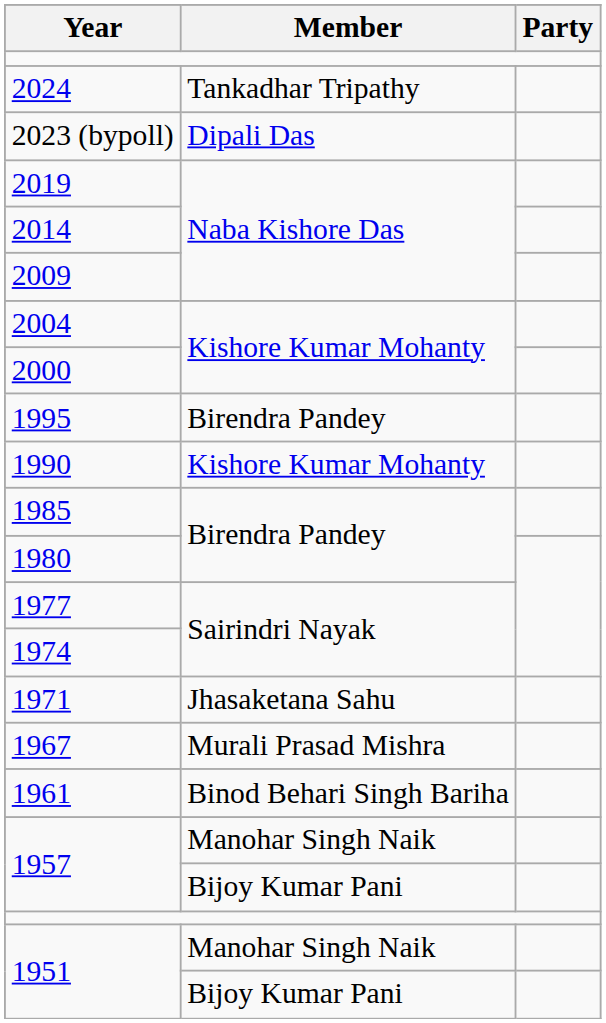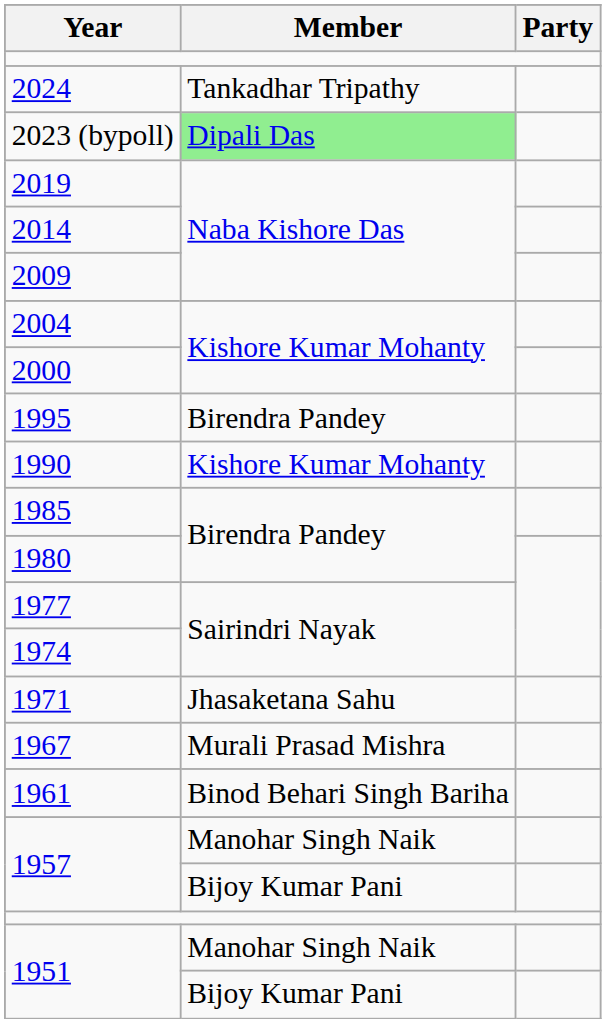 <table class="wikitable sortable">
 <tr>
 <th>Year</th>
 <th>Member</th>
 <th colspan="2">Party</th>
 </tr>
 <tr>
 <td colspan="4"></td>
 </tr>
 <tr>
 <td><a href='#'>2024</a></td>
 <td>Tankadhar Tripathy</td>
 <td></td>
 </tr>
 <tr>
 <td>2023 (bypoll)</td>
-<td><a href='#'>Dipali Das</a></td>
+<td style="background: lightgreen;"><a href='#'>Dipali Das</a></td>
 <td></td>
 </tr>
 <tr>
 <td><a href='#'>2019</a></td>
 <td rowspan=3><a href='#'>Naba Kishore Das</a></td>
 </tr>
 <tr>
 <td><a href='#'>2014</a></td>
 <td></td>
 </tr>
 <tr>
 <td><a href='#'>2009</a></td>
 </tr>
 <tr>
 <td><a href='#'>2004</a></td>
 <td rowspan=2><a href='#'>Kishore Kumar Mohanty</a></td>
 <td></td>
 </tr>
 <tr>
 <td><a href='#'>2000</a></td>
 </tr>
 <tr>
 <td><a href='#'>1995</a></td>
 <td>Birendra Pandey</td>
 <td></td>
 </tr>
 <tr>
 <td><a href='#'>1990</a></td>
 <td><a href='#'>Kishore Kumar Mohanty</a></td>
 <td></td>
 </tr>
 <tr>
 <td><a href='#'>1985</a></td>
 <td rowspan=2>Birendra Pandey</td>
 <td></td>
 </tr>
 <tr>
 <td><a href='#'>1980</a></td>
 </tr>
 <tr>
 <td><a href='#'>1977</a></td>
 <td rowspan=2>Sairindri Nayak</td>
 </tr>
 <tr>
 <td><a href='#'>1974</a></td>
 </tr>
 <tr>
 <td><a href='#'>1971</a></td>
 <td>Jhasaketana Sahu</td>
 <td></td>
 </tr>
 <tr>
 <td><a href='#'>1967</a></td>
 <td>Murali Prasad Mishra</td>
 <td></td>
 </tr>
 <tr>
 <td><a href='#'>1961</a></td>
 <td>Binod Behari Singh Bariha</td>
 <td></td>
 </tr>
 <tr>
 <td rowspan="2"><a href='#'>1957</a></td>
 <td>Manohar Singh Naik</td>
 <td></td>
 </tr>
 <tr>
 <td>Bijoy Kumar Pani</td>
 </tr>
 <tr>
 <td colspan="4"></td>
 </tr>
 <tr>
 <td rowspan="2"><a href='#'>1951</a></td>
 <td>Manohar Singh Naik</td>
 <td></td>
 </tr>
 <tr>
 <td>Bijoy Kumar Pani</td>
 <td></td>
 </tr>
 </table>
